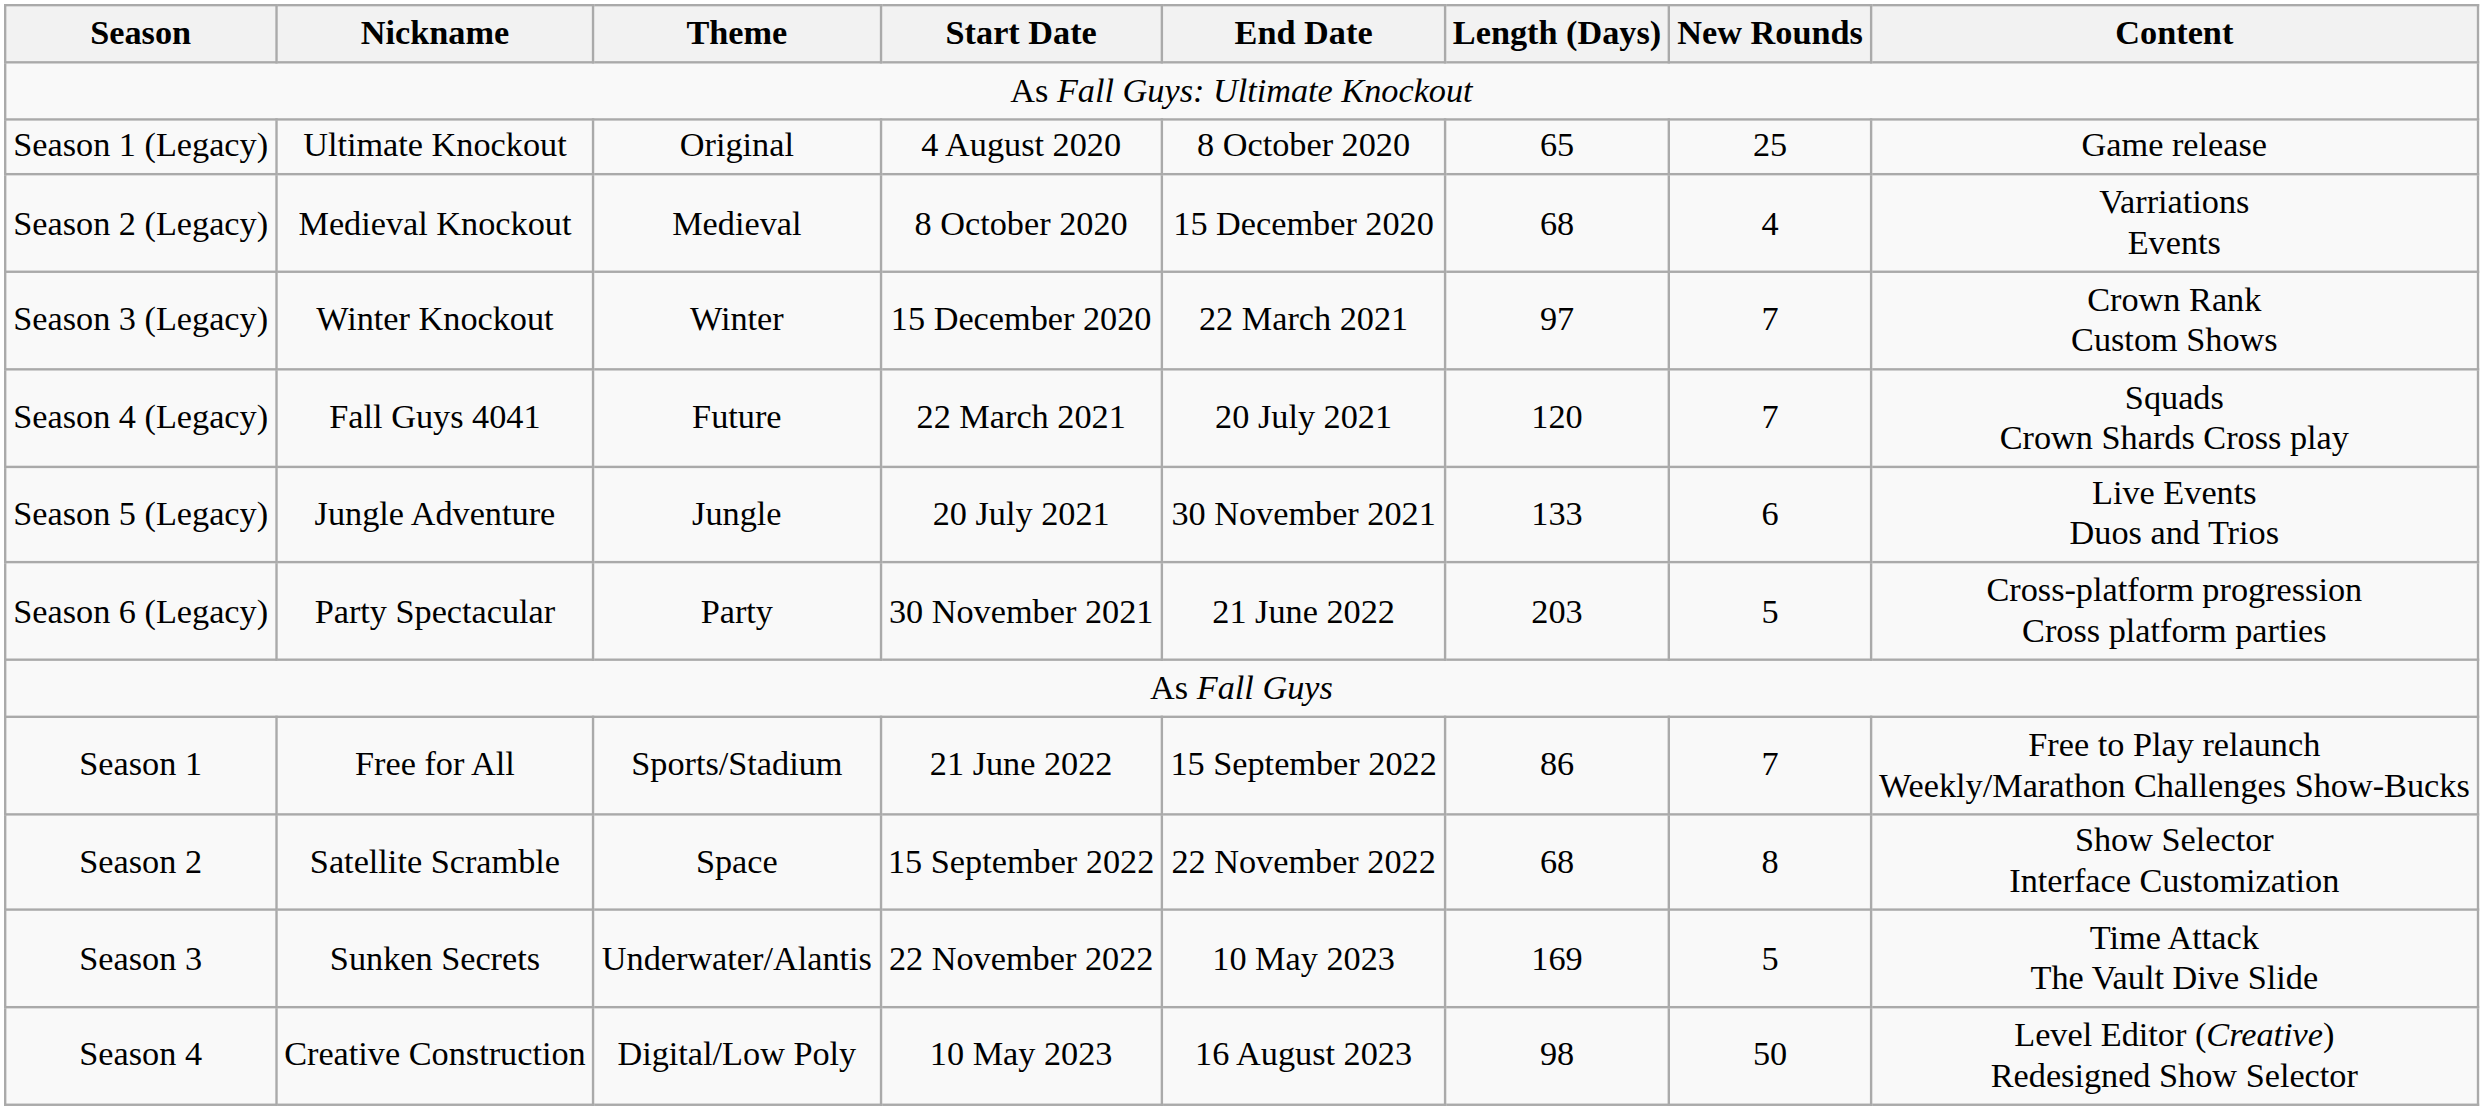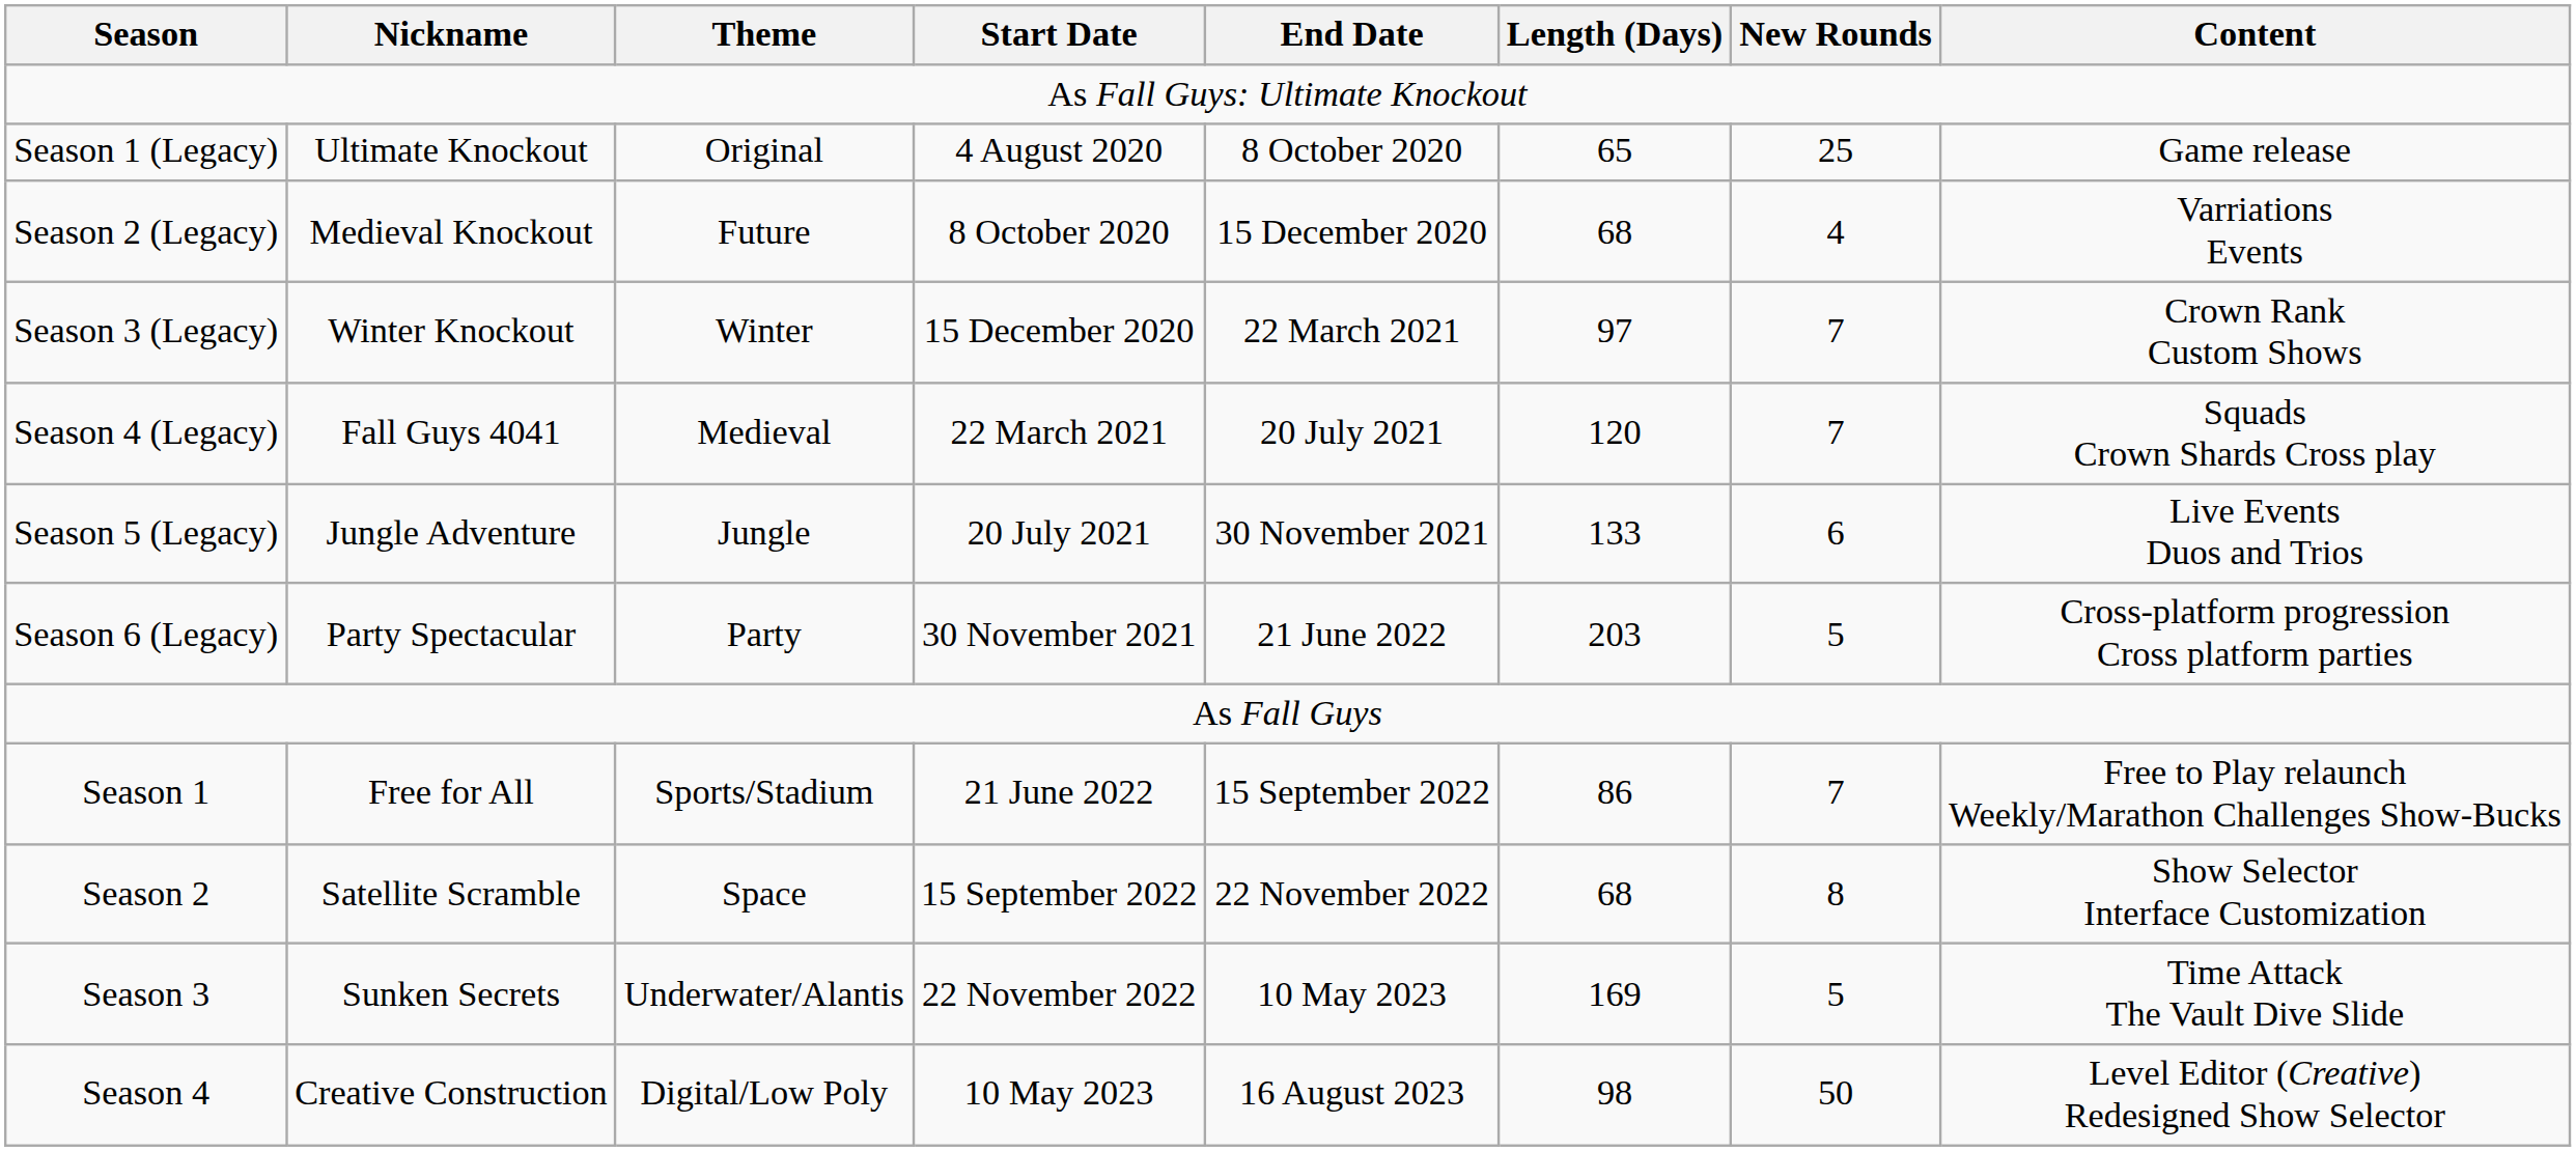 <table class="wikitable" style="text-align:center; font-size:90%;">
 <tr>
 <th>Season</th>
 <th>Nickname</th>
 <th>Theme</th>
 <th>Start Date</th>
 <th>End Date</th>
 <th>Length (Days)</th>
 <th>New Rounds</th>
 <th>Content</th>
 </tr>
 <tr>
 <td colspan="8">As <em>Fall Guys: Ultimate Knockout</em></td>
 </tr>
 <tr>
 <td>Season 1 (Legacy)</td>
 <td>Ultimate Knockout</td>
 <td>Original</td>
 <td>4 August 2020</td>
 <td>8 October 2020</td>
 <td>65</td>
 <td>25</td>
 <td>Game release</td>
 </tr>
 <tr>
 <td>Season 2 (Legacy)</td>
 <td>Medieval Knockout</td>
-<td>Medieval</td>
+<td>Future</td>
 <td>8 October 2020</td>
 <td>15 December 2020</td>
 <td>68</td>
 <td>4</td>
 <td>Varriations<br>Events</td>
 </tr>
 <tr>
 <td>Season 3 (Legacy)</td>
 <td>Winter Knockout</td>
 <td>Winter</td>
 <td>15 December 2020</td>
 <td>22 March 2021</td>
 <td>97</td>
 <td>7</td>
 <td>Crown Rank<br>Custom Shows</td>
 </tr>
 <tr>
 <td>Season 4 (Legacy)</td>
 <td>Fall Guys 4041</td>
-<td>Future</td>
+<td>Medieval</td>
 <td>22 March 2021</td>
 <td>20 July 2021</td>
 <td>120</td>
 <td>7</td>
 <td>Squads<br>Crown Shards Cross play</td>
 </tr>
 <tr>
 <td>Season 5 (Legacy)</td>
 <td>Jungle Adventure</td>
 <td>Jungle</td>
 <td>20 July 2021</td>
 <td>30 November 2021</td>
 <td>133</td>
 <td>6</td>
 <td>Live Events<br>Duos and Trios</td>
 </tr>
 <tr>
 <td>Season 6 (Legacy)</td>
 <td>Party Spectacular</td>
 <td>Party</td>
 <td>30 November 2021</td>
 <td>21 June 2022</td>
 <td>203</td>
 <td>5</td>
 <td>Cross-platform progression<br>Cross platform parties</td>
 </tr>
 <tr>
 <td colspan="8">As <em>Fall Guys</em></td>
 </tr>
 <tr>
 <td>Season 1</td>
 <td>Free for All</td>
 <td>Sports/Stadium</td>
 <td>21 June 2022</td>
 <td>15 September 2022</td>
 <td>86</td>
 <td>7</td>
 <td>Free to Play relaunch<br>Weekly/Marathon Challenges Show-Bucks</td>
 </tr>
 <tr>
 <td>Season 2</td>
 <td>Satellite Scramble</td>
 <td>Space</td>
 <td>15 September 2022</td>
 <td>22 November 2022</td>
 <td>68</td>
 <td>8</td>
 <td>Show Selector<br>Interface Customization</td>
 </tr>
 <tr>
 <td>Season 3</td>
 <td>Sunken Secrets</td>
 <td>Underwater/Alantis</td>
 <td>22 November 2022</td>
 <td>10 May 2023</td>
 <td>169</td>
 <td>5</td>
 <td>Time Attack<br>The Vault Dive Slide</td>
 </tr>
 <tr>
 <td>Season 4</td>
 <td>Creative Construction</td>
 <td>Digital/Low Poly</td>
 <td>10 May 2023</td>
 <td>16 August 2023</td>
 <td>98</td>
 <td>50</td>
 <td>Level Editor (<em>Creative</em>)<br>Redesigned Show Selector</td>
 </tr>
 </table>
